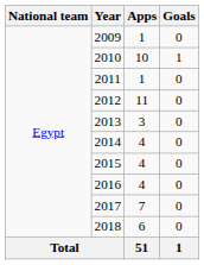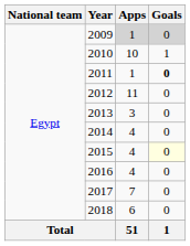 <table class="wikitable" style="text-align:center">
 <tr>
 <th>National team</th>
 <th>Year</th>
 <th>Apps</th>
 <th>Goals</th>
 </tr>
 <tr>
 <td rowspan="10"><a href='#'>Egypt</a></td>
 <td>2009</td>
-<td>1</td>
-<td>0</td>
+<td style="background: lightgrey;">1</td>
+<td style="background: lightgrey;">0</td>
 </tr>
 <tr>
 <td>2010</td>
 <td>10</td>
 <td>1</td>
 </tr>
 <tr>
 <td>2011</td>
 <td>1</td>
-<td>0</td>
+<td><strong>0</strong></td>
 </tr>
 <tr>
 <td>2012</td>
 <td>11</td>
 <td>0</td>
 </tr>
 <tr>
 <td>2013</td>
 <td>3</td>
 <td>0</td>
 </tr>
 <tr>
 <td>2014</td>
 <td>4</td>
 <td>0</td>
 </tr>
 <tr>
 <td>2015</td>
 <td>4</td>
-<td>0</td>
+<td style="background: lightyellow;">0</td>
 </tr>
 <tr>
 <td>2016</td>
 <td>4</td>
 <td>0</td>
 </tr>
 <tr>
 <td>2017</td>
 <td>7</td>
 <td>0</td>
 </tr>
 <tr>
 <td>2018</td>
 <td>6</td>
 <td>0</td>
 </tr>
 <tr>
 <th colspan="2">Total</th>
 <th>51</th>
 <th>1</th>
 </tr>
 </table>
